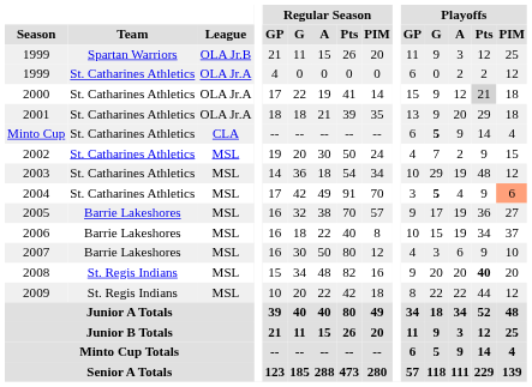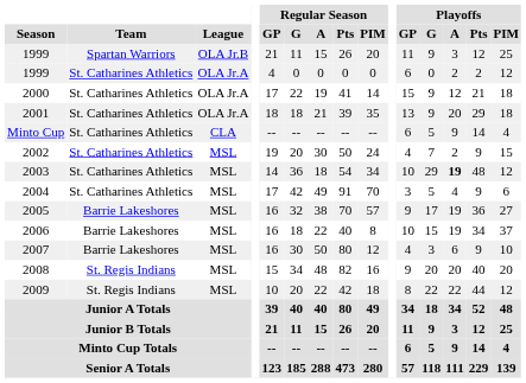 <table BORDER="0" CELLPADDING="3" CELLSPACING="0">
 <tr ALIGN="center" bgcolor="#e0e0e0">
 <th colspan="3" bgcolor="#ffffff"> </th>
 <th rowspan="99" bgcolor="#ffffff"> </th>
 <th colspan="5">Regular Season</th>
 <th rowspan="99" bgcolor="#ffffff"> </th>
 <th colspan="5">Playoffs</th>
 </tr>
 <tr ALIGN="center" bgcolor="#e0e0e0">
 <th>Season</th>
 <th>Team</th>
 <th>League</th>
 <th>GP</th>
 <th>G</th>
 <th>A</th>
 <th>Pts</th>
 <th>PIM</th>
 <th>GP</th>
 <th>G</th>
 <th>A</th>
 <th>Pts</th>
 <th>PIM</th>
 </tr>
 <tr ALIGN="center" bgcolor="#f0f0f0">
 <td>1999</td>
 <td><a href='#'>Spartan Warriors</a></td>
 <td><a href='#'>OLA Jr.B</a></td>
 <td>21</td>
 <td>11</td>
 <td>15</td>
 <td>26</td>
 <td>20</td>
 <td>11</td>
 <td>9</td>
 <td>3</td>
 <td>12</td>
 <td>25</td>
 </tr>
 <tr ALIGN="center" bgcolor="#f0f0f0">
 <td>1999</td>
 <td><a href='#'>St. Catharines Athletics</a></td>
 <td><a href='#'>OLA Jr.A</a></td>
 <td>4</td>
 <td>0</td>
 <td>0</td>
 <td>0</td>
 <td>0</td>
 <td>6</td>
 <td>0</td>
 <td>2</td>
 <td>2</td>
 <td>12</td>
 </tr>
 <tr ALIGN="center">
 <td>2000</td>
 <td>St. Catharines Athletics</td>
 <td>OLA Jr.A</td>
 <td>17</td>
 <td>22</td>
 <td>19</td>
 <td>41</td>
 <td>14</td>
 <td>15</td>
 <td>9</td>
 <td>12</td>
-<td style="background: lightgrey;">21</td>
+<td>21</td>
 <td>18</td>
 </tr>
 <tr ALIGN="center" bgcolor="#f0f0f0">
 <td>2001</td>
 <td>St. Catharines Athletics</td>
 <td>OLA Jr.A</td>
 <td>18</td>
 <td>18</td>
 <td>21</td>
 <td>39</td>
 <td>35</td>
 <td>13</td>
 <td>9</td>
 <td>20</td>
 <td>29</td>
 <td>18</td>
 </tr>
 <tr ALIGN="center" bgcolor="#f0f0f0">
 <td><a href='#'>Minto Cup</a></td>
 <td>St. Catharines Athletics</td>
 <td><a href='#'>CLA</a></td>
 <td>--</td>
 <td>--</td>
 <td>--</td>
 <td>--</td>
 <td>--</td>
 <td>6</td>
-<td><strong>5</strong></td>
+<td>5</td>
 <td>9</td>
 <td>14</td>
 <td>4</td>
 </tr>
 <tr ALIGN="center">
 <td>2002</td>
 <td><a href='#'>St. Catharines Athletics</a></td>
 <td><a href='#'>MSL</a></td>
 <td>19</td>
 <td>20</td>
 <td>30</td>
 <td>50</td>
 <td>24</td>
 <td>4</td>
 <td>7</td>
 <td>2</td>
 <td>9</td>
 <td>15</td>
 </tr>
 <tr ALIGN="center" bgcolor="#f0f0f0">
 <td>2003</td>
 <td>St. Catharines Athletics</td>
 <td>MSL</td>
 <td>14</td>
 <td>36</td>
 <td>18</td>
 <td>54</td>
 <td>34</td>
 <td>10</td>
 <td>29</td>
-<td>19</td>
+<td><strong>19</strong></td>
 <td>48</td>
 <td>12</td>
 </tr>
 <tr ALIGN="center">
 <td>2004</td>
 <td>St. Catharines Athletics</td>
 <td>MSL</td>
 <td>17</td>
 <td>42</td>
 <td>49</td>
 <td>91</td>
 <td>70</td>
 <td>3</td>
-<td><strong>5</strong></td>
+<td>5</td>
 <td>4</td>
 <td>9</td>
-<td style="background: lightsalmon;">6</td>
+<td>6</td>
 </tr>
 <tr ALIGN="center" bgcolor="#f0f0f0">
 <td>2005</td>
 <td><a href='#'>Barrie Lakeshores</a></td>
 <td>MSL</td>
 <td>16</td>
 <td>32</td>
 <td>38</td>
 <td>70</td>
 <td>57</td>
 <td>9</td>
 <td>17</td>
 <td>19</td>
 <td>36</td>
 <td>27</td>
 </tr>
 <tr ALIGN="center">
 <td>2006</td>
 <td>Barrie Lakeshores</td>
 <td>MSL</td>
 <td>16</td>
 <td>18</td>
 <td>22</td>
 <td>40</td>
 <td>8</td>
 <td>10</td>
 <td>15</td>
 <td>19</td>
 <td>34</td>
 <td>37</td>
 </tr>
 <tr ALIGN="center" bgcolor="#f0f0f0">
 <td>2007</td>
 <td>Barrie Lakeshores</td>
 <td>MSL</td>
 <td>16</td>
 <td>30</td>
 <td>50</td>
 <td>80</td>
 <td>12</td>
 <td>4</td>
 <td>3</td>
 <td>6</td>
 <td>9</td>
 <td>10</td>
 </tr>
 <tr ALIGN="center">
 <td>2008</td>
 <td><a href='#'>St. Regis Indians</a></td>
 <td>MSL</td>
 <td>15</td>
 <td>34</td>
 <td>48</td>
 <td>82</td>
 <td>16</td>
 <td>9</td>
 <td>20</td>
 <td>20</td>
-<td><strong>40</strong></td>
+<td>40</td>
 <td>20</td>
 </tr>
 <tr ALIGN="center" bgcolor="#f0f0f0">
 <td>2009</td>
 <td>St. Regis Indians</td>
 <td>MSL</td>
 <td>10</td>
 <td>20</td>
 <td>22</td>
 <td>42</td>
 <td>18</td>
 <td>8</td>
 <td>22</td>
 <td>22</td>
 <td>44</td>
 <td>12</td>
 </tr>
 <tr ALIGN="center" bgcolor="#e0e0e0">
 <th colspan="3">Junior A Totals</th>
 <th>39</th>
 <th>40</th>
 <th>40</th>
 <th>80</th>
 <th>49</th>
 <th>34</th>
 <th>18</th>
 <th>34</th>
 <th>52</th>
 <th>48</th>
 </tr>
 <tr ALIGN="center" bgcolor="#e0e0e0">
 <th colspan="3">Junior B Totals</th>
 <th>21</th>
 <th>11</th>
 <th>15</th>
 <th>26</th>
 <th>20</th>
 <th>11</th>
 <th>9</th>
 <th>3</th>
 <th>12</th>
 <th>25</th>
 </tr>
 <tr ALIGN="center" bgcolor="#e0e0e0">
 <th colspan="3">Minto Cup Totals</th>
 <th>--</th>
 <th>--</th>
 <th>--</th>
 <th>--</th>
 <th>--</th>
 <th>6</th>
 <th>5</th>
 <th>9</th>
 <th>14</th>
 <th>4</th>
 </tr>
 <tr ALIGN="center" bgcolor="#e0e0e0">
 <th colspan="3">Senior A Totals</th>
 <th>123</th>
 <th>185</th>
 <th>288</th>
 <th>473</th>
 <th>280</th>
 <th>57</th>
 <th>118</th>
 <th>111</th>
 <th>229</th>
 <th>139</th>
 </tr>
 </table>
